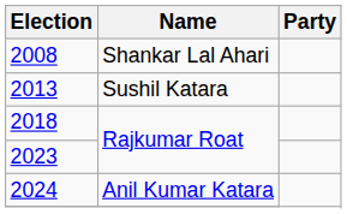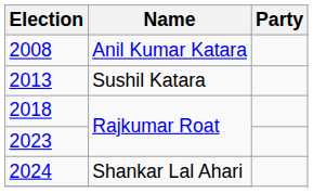 <table class="wikitable sortable">
 <tr>
 <th>Election</th>
 <th>Name</th>
 <th colspan=2>Party</th>
 </tr>
 <tr>
 <td><a href='#'>2008</a></td>
-<td>Shankar Lal Ahari</td>
+<td><a href='#'>Anil Kumar Katara</a></td>
 <td></td>
 </tr>
 <tr>
 <td><a href='#'>2013</a></td>
 <td>Sushil Katara</td>
 <td></td>
 </tr>
 <tr>
 <td><a href='#'>2018</a></td>
 <td rowspan=2><a href='#'>Rajkumar Roat</a></td>
 <td></td>
 </tr>
 <tr>
 <td><a href='#'>2023</a></td>
 <td></td>
 </tr>
 <tr>
 <td><a href='#'>2024</a></td>
-<td><a href='#'>Anil Kumar Katara</a></td>
+<td>Shankar Lal Ahari</td>
 </tr>
 <tr>
 </tr>
 </table>
